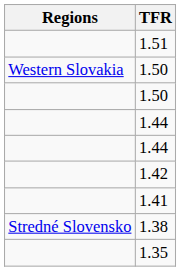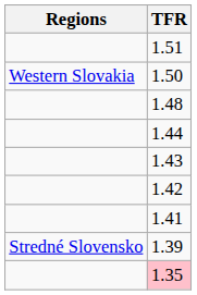 <table class="wikitable sortable">
 <tr>
 <th>Regions</th>
 <th>TFR</th>
 </tr>
 <tr>
 <td></td>
 <td>1.51</td>
 </tr>
 <tr>
 <td><a href='#'>Western Slovakia</a></td>
 <td>1.50</td>
 </tr>
 <tr>
 <td></td>
-<td>1.50</td>
+<td>1.48</td>
 </tr>
 <tr>
 <td></td>
 <td>1.44</td>
 </tr>
 <tr>
 <td></td>
-<td>1.44</td>
+<td>1.43</td>
 </tr>
 <tr>
 <td></td>
 <td>1.42</td>
 </tr>
 <tr>
 <td></td>
 <td>1.41</td>
 </tr>
 <tr>
 <td><a href='#'>Stredné Slovensko</a></td>
-<td>1.38</td>
+<td>1.39</td>
 </tr>
 <tr>
 <td></td>
-<td>1.35</td>
+<td style="background: pink;">1.35</td>
 </tr>
 </table>
